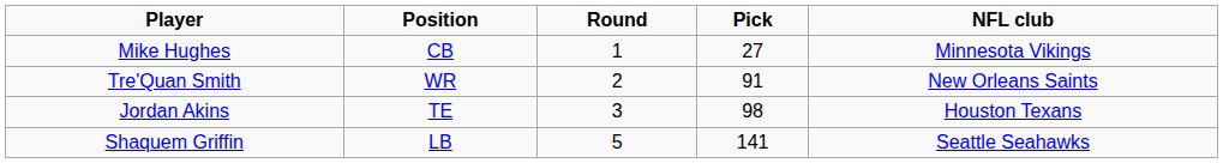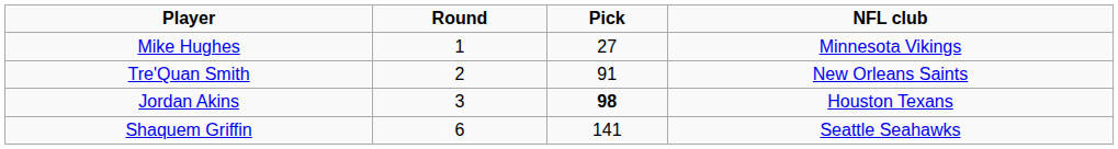 <table class="wikitable" width="80%">
 <tr align="center">
 <td><strong>Player</strong></td>
-<td><strong>Position</strong></td>
 <td><strong>Round</strong></td>
 <td><strong>Pick</strong></td>
 <td><strong>NFL club</strong></td>
 </tr>
 <tr align="center" bgcolor="">
 <td><a href='#'>Mike Hughes</a></td>
-<td><a href='#'>CB</a></td>
 <td>1</td>
 <td>27</td>
 <td><a href='#'>Minnesota Vikings</a></td>
 </tr>
 <tr align="center" bgcolor="">
 <td><a href='#'>Tre'Quan Smith</a></td>
-<td><a href='#'>WR</a></td>
 <td>2</td>
 <td>91</td>
 <td><a href='#'>New Orleans Saints</a></td>
 </tr>
 <tr align="center" bgcolor="">
 <td><a href='#'>Jordan Akins</a></td>
-<td><a href='#'>TE</a></td>
 <td>3</td>
-<td>98</td>
+<td><strong>98</strong></td>
 <td><a href='#'>Houston Texans</a></td>
 </tr>
 <tr align="center" bgcolor="">
 <td><a href='#'>Shaquem Griffin</a></td>
-<td><a href='#'>LB</a></td>
-<td>5</td>
+<td>6</td>
 <td>141</td>
 <td><a href='#'>Seattle Seahawks</a></td>
 </tr>
 </table>
